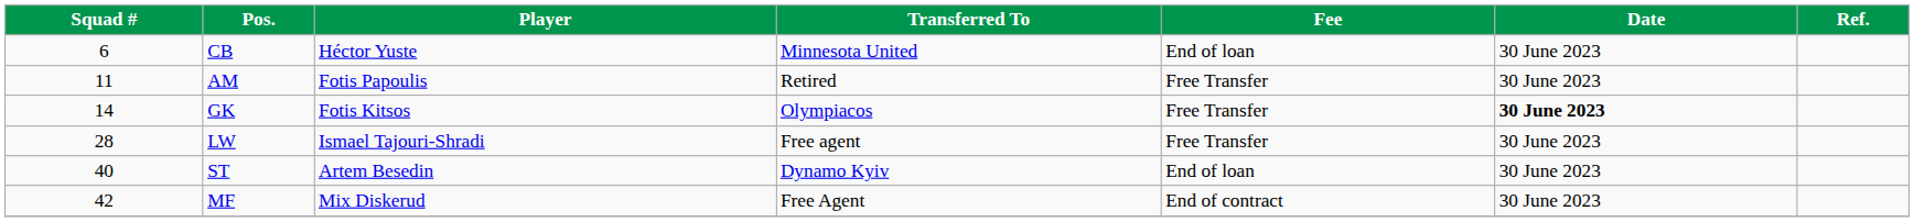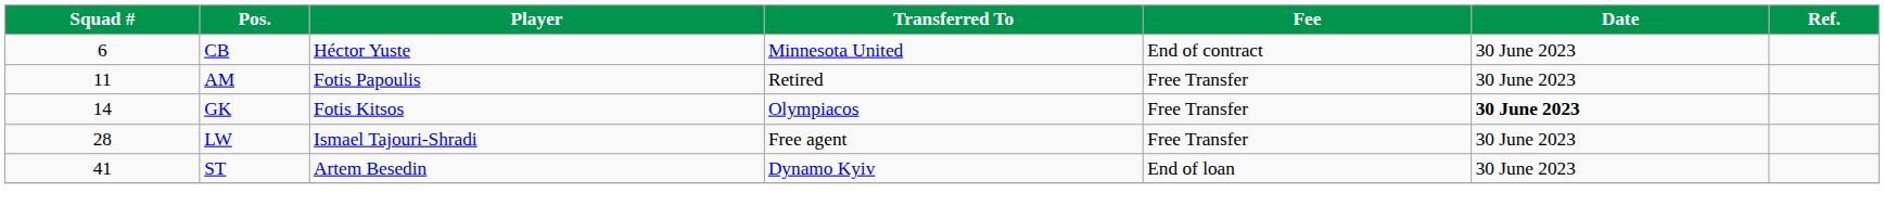 <table class="wikitable sortable" style="width:101%; text-align:center; font-size:100%; text-align:left;">
 <tr>
 <th style="background:#00954C; color:#FFFFFF; ">Squad #</th>
 <th style="background:#00954C; color:#FFFFFF; ">Pos.</th>
 <th style="background:#00954C; color:#FFFFFF; ">Player</th>
 <th style="background:#00954C; color:#FFFFFF; ">Transferred To</th>
 <th style="background:#00954C; color:#FFFFFF; ">Fee</th>
 <th style="background:#00954C; color:#FFFFFF; ">Date</th>
 <th style="background:#00954C; color:#FFFFFF; ">Ref.</th>
 </tr>
 <tr>
 <td align="center">6</td>
 <td><a href='#'>CB</a></td>
 <td> <a href='#'>Héctor Yuste</a></td>
 <td> <a href='#'>Minnesota United</a></td>
-<td>End of loan</td>
+<td>End of contract</td>
 <td>30 June 2023</td>
 <td></td>
 </tr>
 <tr>
 <td align="center">11</td>
 <td><a href='#'>AM</a></td>
 <td> <a href='#'>Fotis Papoulis</a></td>
 <td>Retired</td>
 <td>Free Transfer</td>
 <td>30 June 2023</td>
 <td></td>
 </tr>
 <tr>
 <td align="center">14</td>
 <td><a href='#'>GK</a></td>
 <td> <a href='#'>Fotis Kitsos</a></td>
 <td> <a href='#'>Olympiacos</a></td>
 <td>Free Transfer</td>
 <td><strong>30 June 2023</strong></td>
 <td></td>
 </tr>
 <tr>
 <td align="center">28</td>
 <td><a href='#'>LW</a></td>
 <td> <a href='#'>Ismael Tajouri-Shradi</a></td>
 <td>Free agent</td>
 <td>Free Transfer</td>
 <td>30 June 2023</td>
 <td></td>
 </tr>
 <tr>
-<td align="center">40</td>
+<td align="center">41</td>
 <td><a href='#'>ST</a></td>
 <td> <a href='#'>Artem Besedin</a></td>
 <td> <a href='#'>Dynamo Kyiv</a></td>
 <td>End of loan</td>
 <td>30 June 2023</td>
 <td></td>
 </tr>
 <tr>
-<td align="center">42</td>
-<td><a href='#'>MF</a></td>
-<td> <a href='#'>Mix Diskerud</a></td>
-<td>Free Agent</td>
-<td>End of contract</td>
-<td>30 June 2023</td>
-<td></td>
-</tr>
-<tr>
 </tr>
 </table>
